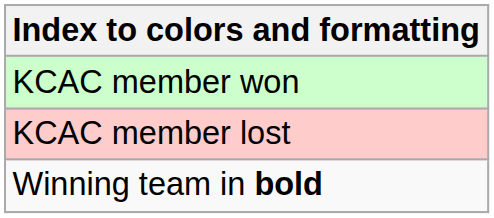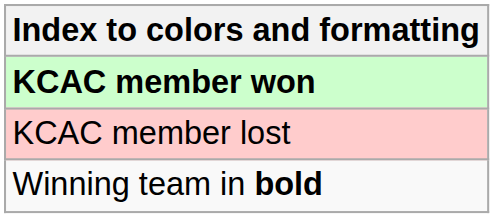 <table class="wikitable">
 <tr>
 <th>Index to colors and formatting</th>
 </tr>
 <tr bgcolor=#ccffcc>
-<td>KCAC member won</td>
+<td><strong>KCAC member won</strong></td>
 </tr>
 <tr bgcolor=#ffcccc>
 <td>KCAC member lost</td>
 </tr>
 <tr>
 <td>Winning team in <strong>bold</strong></td>
 </tr>
 </table>
